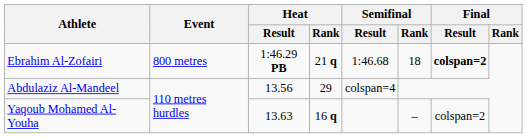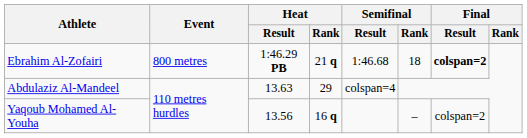 <table class="wikitable" style="font-size:90%">
 <tr>
 <th rowspan="2">Athlete</th>
 <th rowspan="2">Event</th>
 <th colspan="2">Heat</th>
 <th colspan="2">Semifinal</th>
 <th colspan="2">Final</th>
 </tr>
 <tr style="font-size:95%">
 <th>Result</th>
 <th>Rank</th>
 <th>Result</th>
 <th>Rank</th>
 <th>Result</th>
 <th>Rank</th>
 </tr>
 <tr style=text-align:center>
 <td style=text-align:left><a href='#'>Ebrahim Al-Zofairi</a></td>
 <td style=text-align:left><a href='#'>800 metres</a></td>
 <td>1:46.29 <strong>PB</strong></td>
 <td>21 <strong>q</strong></td>
 <td>1:46.68</td>
 <td>18</td>
 <td><strong>colspan=2 </strong></td>
 </tr>
 <tr style=text-align:center>
 <td style=text-align:left><a href='#'>Abdulaziz Al-Mandeel</a></td>
 <td style=text-align:left rowspan=2><a href='#'>110 metres hurdles</a></td>
-<td>13.56</td>
+<td>13.63</td>
 <td>29</td>
 <td>colspan=4 </td>
 </tr>
 <tr style=text-align:center>
 <td style=text-align:left><a href='#'>Yaqoub Mohamed Al-Youha</a></td>
-<td>13.63</td>
+<td>13.56</td>
 <td>16 <strong>q</strong></td>
 <td></td>
 <td>–</td>
 <td>colspan=2 </td>
 </tr>
 </table>
